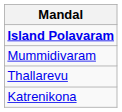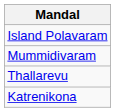 <table class="wikitable sortable static-row-numbers static-row-header-hash">
 <tr>
 <th>Mandal</th>
 </tr>
 <tr>
-<td><strong><a href='#'>Island Polavaram</a></strong></td>
+<td><a href='#'>Island Polavaram</a></td>
 </tr>
 <tr>
 <td><a href='#'>Mummidivaram</a></td>
 </tr>
 <tr>
 <td><a href='#'>Thallarevu</a></td>
 </tr>
 <tr>
 <td><a href='#'>Katrenikona</a></td>
 </tr>
 </table>
